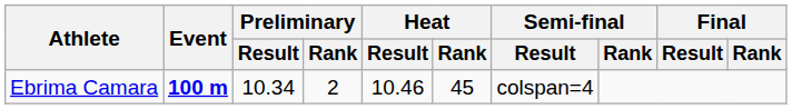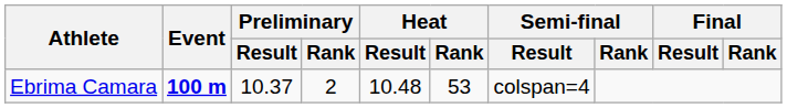 <table class=wikitable style=font-size:90%>
 <tr>
 <th rowspan=2>Athlete</th>
 <th rowspan=2>Event</th>
 <th colspan=2>Preliminary</th>
 <th colspan=2>Heat</th>
 <th colspan=2>Semi-final</th>
 <th colspan=2>Final</th>
 </tr>
 <tr style=font-size:95%>
 <th>Result</th>
 <th>Rank</th>
 <th>Result</th>
 <th>Rank</th>
 <th>Result</th>
 <th>Rank</th>
 <th>Result</th>
 <th>Rank</th>
 </tr>
 <tr align=center>
 <td align=left><a href='#'>Ebrima Camara</a></td>
 <td align=left><strong><a href='#'>100 m</a></strong></td>
-<td>10.34</td>
+<td>10.37</td>
 <td>2</td>
-<td>10.46</td>
-<td>45</td>
+<td>10.48</td>
+<td>53</td>
 <td>colspan=4 </td>
 </tr>
 </table>
